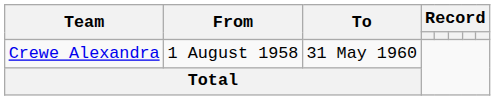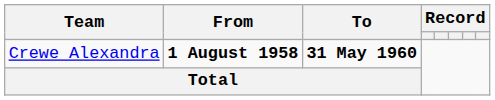 <table class="wikitable" style="text-align: center">
 <tr>
 <th rowspan=2>Team</th>
 <th rowspan=2>From</th>
 <th rowspan=2>To</th>
 <th colspan=5>Record</th>
 </tr>
 <tr>
 <th></th>
 <th></th>
 <th></th>
 <th></th>
 <th></th>
 </tr>
 <tr>
 <td align="left"><a href='#'>Crewe Alexandra</a></td>
-<td align="left">1 August 1958</td>
-<td align=left>31 May 1960<br></td>
+<td align="left"><strong>1 August 1958</strong></td>
+<td align=left><strong>31 May 1960<br></strong></td>
 </tr>
 <tr>
 <th colspan="3">Total<br></th>
 </tr>
 </table>
